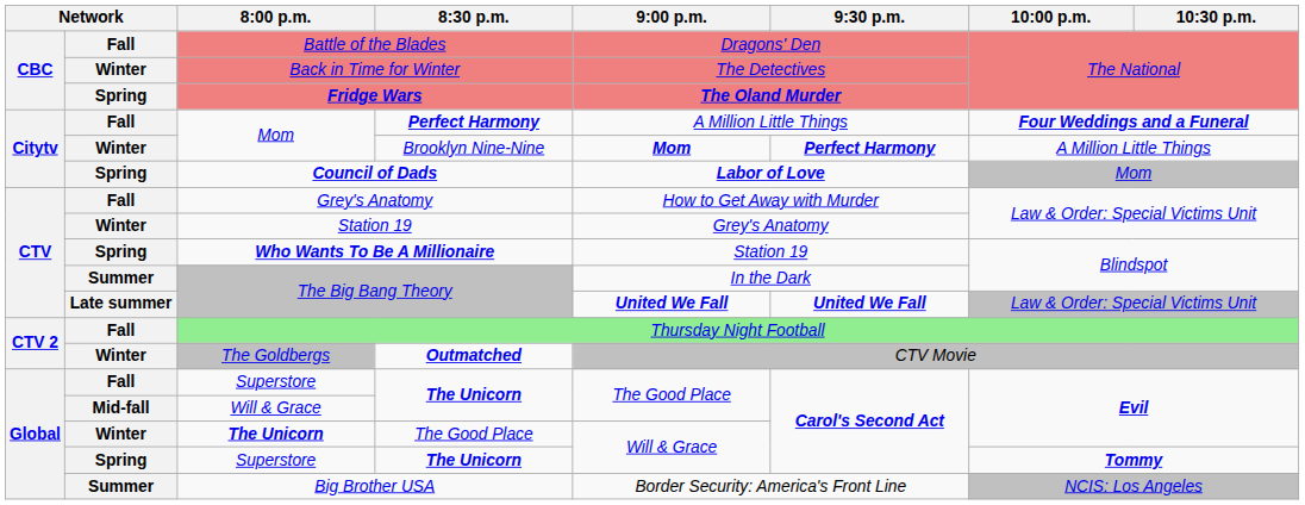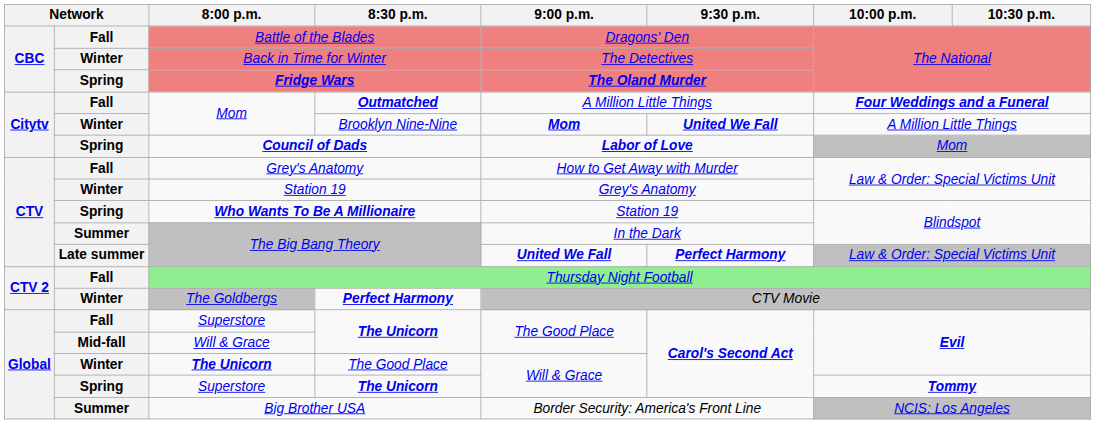 <table class="wikitable" style="width:100%;margin-right:0;text-align:center">
 <tr>
 <th colspan="2" style="width:13%;">Network</th>
 <th style="width:15%;">8:00 p.m.</th>
 <th style="width:15%;">8:30 p.m.</th>
 <th style="width:15%;">9:00 p.m.</th>
 <th style="width:15%;">9:30 p.m.</th>
 <th style="width:12.5%;">10:00 p.m.</th>
 <th style="width:12.5%;">10:30 p.m.</th>
 </tr>
 <tr>
 <th rowspan=3><a href='#'>CBC</a></th>
 <th>Fall</th>
 <td colspan=2 style=background:#f08080><em><a href='#'>Battle of the Blades</a></em></td>
 <td colspan=2 style=background:#f08080><em><a href='#'>Dragons' Den</a></em></td>
 <td colspan=2 rowspan=3 style="background:#f08080"><em><a href='#'>The National</a></em></td>
 </tr>
 <tr>
 <th>Winter</th>
 <td colspan=2 style=background:#f08080><em><a href='#'>Back in Time for Winter</a></em></td>
 <td colspan=2 style=background:#f08080><em><a href='#'>The Detectives</a></em></td>
 </tr>
 <tr>
 <th>Spring</th>
 <td colspan=2 style=background:#f08080><strong><em><a href='#'>Fridge Wars</a></em></strong></td>
 <td colspan=2 style=background:#f08080><strong><em><a href='#'>The Oland Murder</a></em></strong></td>
 </tr>
 <tr>
 <th rowspan=3><a href='#'>Citytv</a></th>
 <th>Fall</th>
 <td rowspan=2><em><a href='#'>Mom</a></em></td>
-<td><strong><em><a href='#'>Perfect Harmony</a></em></strong></td>
+<td><strong><em><a href='#'>Outmatched</a></em></strong></td>
 <td colspan=2><em><a href='#'>A Million Little Things</a></em></td>
 <td colspan=2><strong><em><a href='#'>Four Weddings and a Funeral</a></em></strong></td>
 </tr>
 <tr>
 <th>Winter</th>
 <td><em><a href='#'>Brooklyn Nine-Nine</a></em></td>
 <td><strong><em><a href='#'>Mom</a></em></strong></td>
-<td><strong><em><a href='#'>Perfect Harmony</a></em></strong></td>
+<td><strong><em><a href='#'>United We Fall</a></em></strong></td>
 <td colspan=2><em><a href='#'>A Million Little Things</a></em></td>
 </tr>
 <tr>
 <th>Spring</th>
 <td colspan=2><strong><em><a href='#'>Council of Dads</a></em></strong></td>
 <td colspan=2><strong><em><a href='#'>Labor of Love</a></em></strong></td>
 <td colspan=2 style=background:silver><em><a href='#'>Mom</a></em> </td>
 </tr>
 <tr>
 <th rowspan=5><a href='#'>CTV</a></th>
 <th>Fall</th>
 <td colspan=2><em><a href='#'>Grey's Anatomy</a></em></td>
 <td colspan=2><em><a href='#'>How to Get Away with Murder</a></em></td>
 <td colspan=2 rowspan=2><em><a href='#'>Law & Order: Special Victims Unit</a></em></td>
 </tr>
 <tr>
 <th>Winter</th>
 <td colspan=2><em><a href='#'>Station 19</a></em></td>
 <td colspan=2><em><a href='#'>Grey's Anatomy</a></em></td>
 </tr>
 <tr>
 <th>Spring</th>
 <td colspan=2><strong><em><a href='#'>Who Wants To Be A Millionaire</a></em></strong></td>
 <td colspan=2><em><a href='#'>Station 19</a></em></td>
 <td colspan=2 rowspan=2><em><a href='#'>Blindspot</a></em></td>
 </tr>
 <tr>
 <th>Summer</th>
 <td style=background:silver colspan=2 rowspan=2><em><a href='#'>The Big Bang Theory</a></em> </td>
 <td colspan=2><em><a href='#'>In the Dark</a></em></td>
 </tr>
 <tr>
 <th>Late summer</th>
 <td><strong><em><a href='#'>United We Fall</a></em></strong></td>
-<td><strong><em><a href='#'>United We Fall</a></em></strong></td>
+<td><strong><em><a href='#'>Perfect Harmony</a></em></strong></td>
 <td style=background:silver colspan=2><em><a href='#'>Law & Order: Special Victims Unit</a></em> </td>
 </tr>
 <tr>
 <th rowspan=2><a href='#'>CTV 2</a></th>
 <th>Fall</th>
 <td colspan=6 style=background:lightgreen><em><a href='#'>Thursday Night Football</a></em> </td>
 </tr>
 <tr>
 <th>Winter</th>
 <td style=background:silver><em><a href='#'>The Goldbergs</a></em> </td>
-<td><strong><em><a href='#'>Outmatched</a></em></strong></td>
+<td><strong><em><a href='#'>Perfect Harmony</a></em></strong></td>
 <td colspan=4 style=background:silver><em>CTV Movie</em></td>
 </tr>
 <tr>
 <th rowspan=5><a href='#'>Global</a></th>
 <th>Fall</th>
 <td><em><a href='#'>Superstore</a></em></td>
 <td rowspan=2><strong><em><a href='#'>The Unicorn</a></em></strong></td>
 <td rowspan=2><em><a href='#'>The Good Place</a></em></td>
 <td rowspan=4><strong><em><a href='#'>Carol's Second Act</a></em></strong></td>
 <td colspan=2 rowspan=3><strong><em><a href='#'>Evil</a></em></strong></td>
 </tr>
 <tr>
 <th>Mid-fall</th>
 <td><em><a href='#'>Will & Grace</a></em></td>
 </tr>
 <tr>
 <th>Winter</th>
 <td><strong><em><a href='#'>The Unicorn</a></em></strong></td>
 <td><em><a href='#'>The Good Place</a></em></td>
 <td rowspan=2><em><a href='#'>Will & Grace</a></em></td>
 </tr>
 <tr>
 <th>Spring</th>
 <td><em><a href='#'>Superstore</a></em></td>
 <td><strong><em><a href='#'>The Unicorn</a></em></strong></td>
 <td colspan=2><strong><em><a href='#'>Tommy</a></em></strong></td>
 </tr>
 <tr>
 <th>Summer</th>
 <td colspan=2><em><a href='#'>Big Brother USA</a></em></td>
 <td colspan=2><em>Border Security: America's Front Line</em></td>
 <td style=background:silver colspan=2><em><a href='#'>NCIS: Los Angeles</a></em> </td>
 </tr>
 </table>
